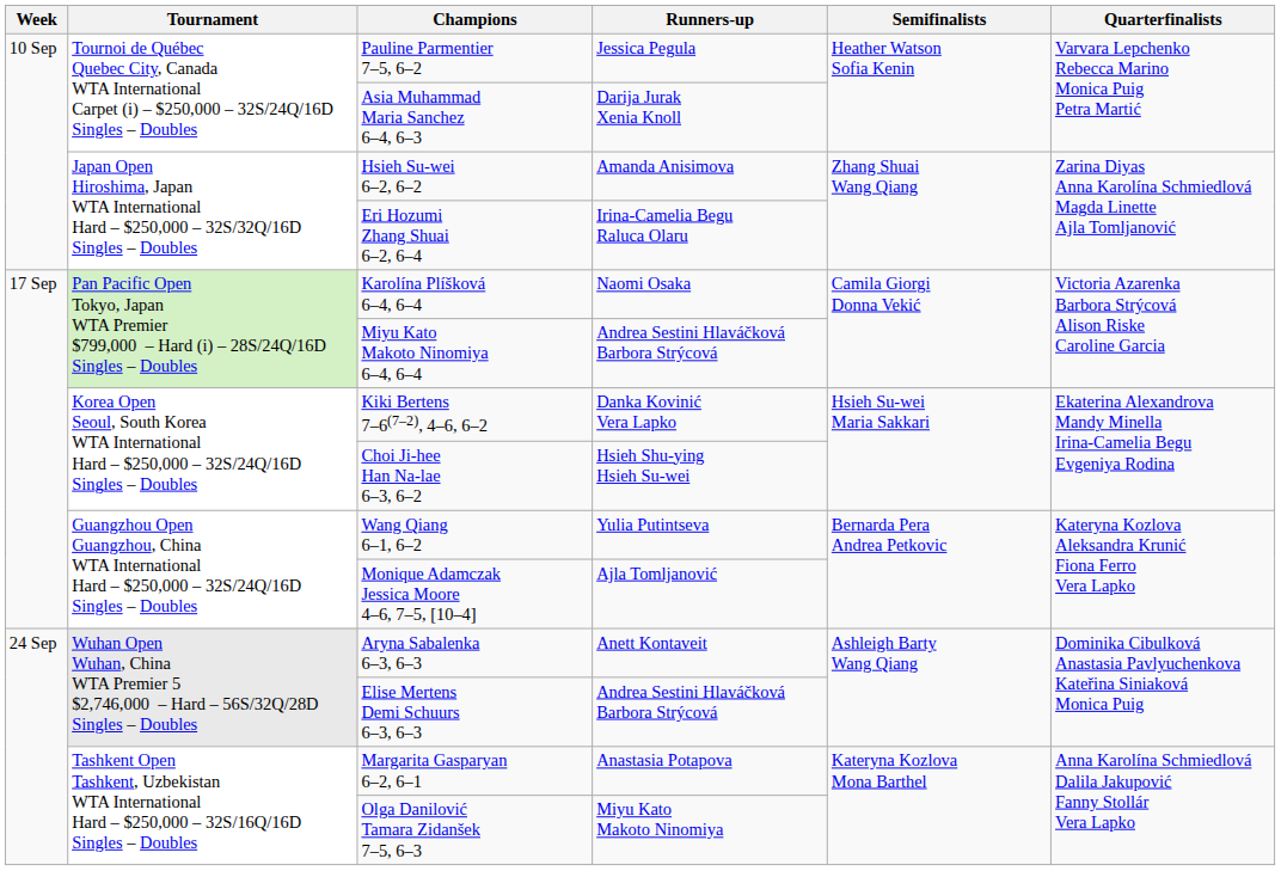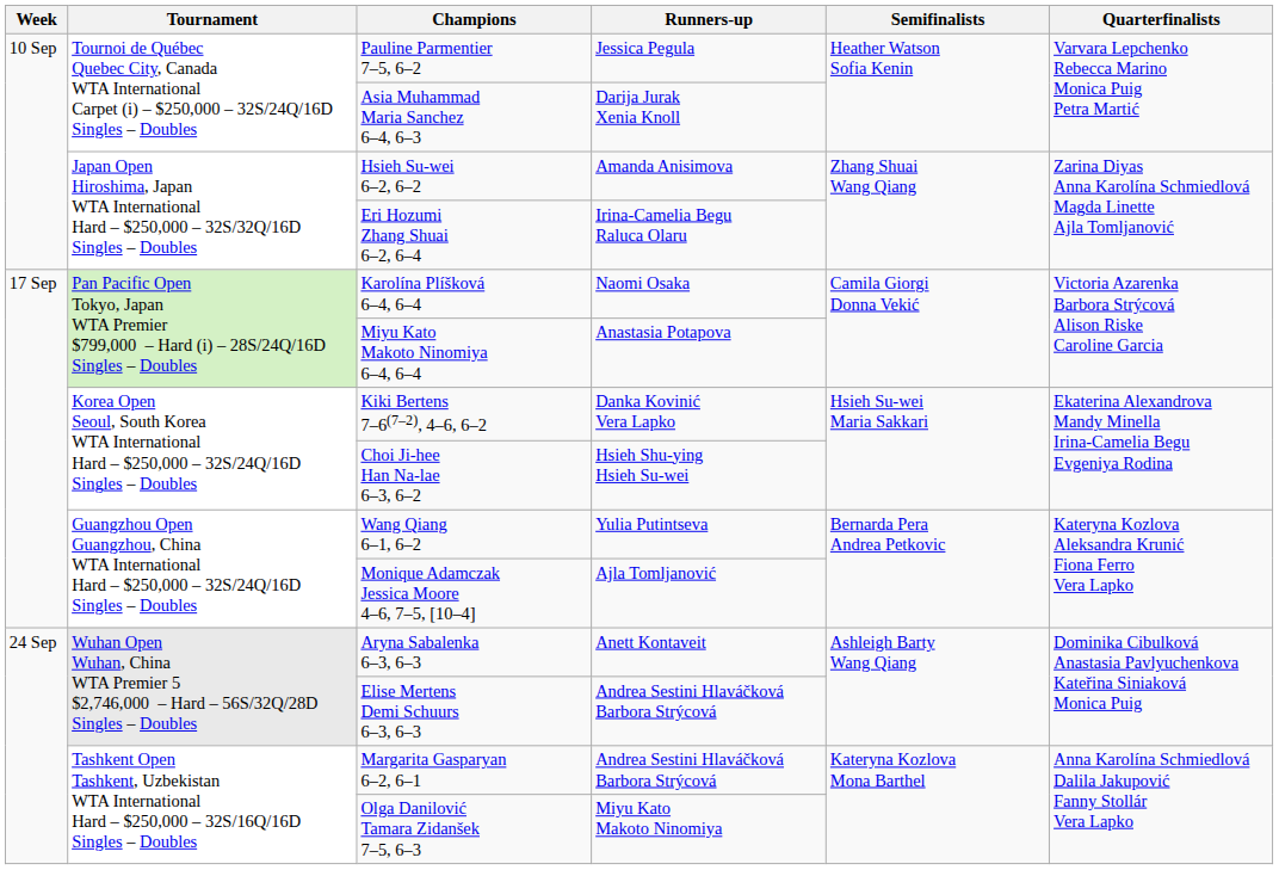 <table class=wikitable style=font-size:95%>
 <tr>
 <th style="width:48px;">Week</th>
 <th style="width:248px;">Tournament</th>
 <th style="width:200px;">Champions</th>
 <th style="width:200px;">Runners-up</th>
 <th style="width:190px;">Semifinalists</th>
 <th style="width:190px;">Quarterfinalists</th>
 </tr>
 <tr valign=top>
 <td rowspan=4>10 Sep</td>
 <td style="background:#fff;" rowspan="2"><a href='#'>Tournoi de Québec</a><br> <a href='#'>Quebec City</a>, Canada<br>WTA International<br>Carpet (i) – $250,000 – 32S/24Q/16D<br><a href='#'>Singles</a> – <a href='#'>Doubles</a></td>
 <td> <a href='#'>Pauline Parmentier</a> <br> 7–5, 6–2</td>
 <td> <a href='#'>Jessica Pegula</a></td>
 <td rowspan=2> <a href='#'>Heather Watson</a> <br>  <a href='#'>Sofia Kenin</a></td>
 <td rowspan=2> <a href='#'>Varvara Lepchenko</a><br> <a href='#'>Rebecca Marino</a>  <br>  <a href='#'>Monica Puig</a> <br>  <a href='#'>Petra Martić</a></td>
 </tr>
 <tr valign=top>
 <td> <a href='#'>Asia Muhammad</a> <br>  <a href='#'>Maria Sanchez</a> <br> 6–4, 6–3</td>
 <td> <a href='#'>Darija Jurak</a> <br>  <a href='#'>Xenia Knoll</a></td>
 </tr>
 <tr valign=top>
 <td style="background:#fff;" rowspan="2"><a href='#'>Japan Open</a><br> <a href='#'>Hiroshima</a>, Japan<br>WTA International<br>Hard – $250,000 – 32S/32Q/16D<br><a href='#'>Singles</a> – <a href='#'>Doubles</a></td>
 <td> <a href='#'>Hsieh Su-wei</a> <br> 6–2, 6–2</td>
 <td> <a href='#'>Amanda Anisimova</a></td>
 <td rowspan=2> <a href='#'>Zhang Shuai</a><br>  <a href='#'>Wang Qiang</a></td>
 <td rowspan=2> <a href='#'>Zarina Diyas</a> <br> <a href='#'>Anna Karolína Schmiedlová</a> <br> <a href='#'>Magda Linette</a> <br>  <a href='#'>Ajla Tomljanović</a></td>
 </tr>
 <tr valign=top>
 <td> <a href='#'>Eri Hozumi</a> <br>  <a href='#'>Zhang Shuai</a> <br> 6–2, 6–4</td>
 <td> <a href='#'>Irina-Camelia Begu</a> <br>  <a href='#'>Raluca Olaru</a></td>
 </tr>
 <tr valign=top>
 <td rowspan=6>17 Sep</td>
 <td style="background:#D4F1C5;" rowspan="2"><a href='#'>Pan Pacific Open</a><br> Tokyo, Japan<br>WTA Premier<br>$799,000  – Hard (i) – 28S/24Q/16D<br><a href='#'>Singles</a> – <a href='#'>Doubles</a></td>
 <td> <a href='#'>Karolína Plíšková</a> <br> 6–4, 6–4</td>
 <td> <a href='#'>Naomi Osaka</a></td>
 <td rowspan=2> <a href='#'>Camila Giorgi</a> <br>  <a href='#'>Donna Vekić</a></td>
 <td rowspan=2> <a href='#'>Victoria Azarenka</a> <br> <a href='#'>Barbora Strýcová</a> <br>  <a href='#'>Alison Riske</a> <br>  <a href='#'>Caroline Garcia</a></td>
 </tr>
 <tr valign=top>
 <td> <a href='#'>Miyu Kato</a> <br>  <a href='#'>Makoto Ninomiya</a> <br> 6–4, 6–4</td>
-<td> <a href='#'>Andrea Sestini Hlaváčková</a> <br>  <a href='#'>Barbora Strýcová</a></td>
+<td> <a href='#'>Anastasia Potapova</a></td>
 </tr>
 <tr valign=top>
 <td style="background:#fff;" rowspan="2"><a href='#'>Korea Open</a><br> <a href='#'>Seoul</a>, South Korea<br>WTA International<br>Hard – $250,000 – 32S/24Q/16D<br><a href='#'>Singles</a> – <a href='#'>Doubles</a></td>
 <td> <a href='#'>Kiki Bertens</a> <br> 7–6<sup>(7–2)</sup>, 4–6, 6–2</td>
 <td> <a href='#'>Danka Kovinić</a> <br>  <a href='#'>Vera Lapko</a></td>
 <td rowspan=2> <a href='#'>Hsieh Su-wei</a> <br>  <a href='#'>Maria Sakkari</a></td>
 <td rowspan=2> <a href='#'>Ekaterina Alexandrova</a> <br> <a href='#'>Mandy Minella</a> <br> <a href='#'>Irina-Camelia Begu</a>  <br>  <a href='#'>Evgeniya Rodina</a></td>
 </tr>
 <tr valign=top>
 <td> <a href='#'>Choi Ji-hee</a> <br>  <a href='#'>Han Na-lae</a> <br> 6–3, 6–2</td>
 <td> <a href='#'>Hsieh Shu-ying</a> <br>  <a href='#'>Hsieh Su-wei</a></td>
 </tr>
 <tr valign=top>
 <td style="background:#fff;" rowspan="2"><a href='#'>Guangzhou Open</a><br>  <a href='#'>Guangzhou</a>, China<br>WTA International<br>Hard – $250,000 – 32S/24Q/16D<br><a href='#'>Singles</a> – <a href='#'>Doubles</a></td>
 <td> <a href='#'>Wang Qiang</a> <br> 6–1, 6–2</td>
 <td> <a href='#'>Yulia Putintseva</a></td>
 <td rowspan=2> <a href='#'>Bernarda Pera</a> <br>  <a href='#'>Andrea Petkovic</a></td>
 <td rowspan=2> <a href='#'>Kateryna Kozlova</a> <br>  <a href='#'>Aleksandra Krunić</a> <br> <a href='#'>Fiona Ferro</a> <br>  <a href='#'>Vera Lapko</a></td>
 </tr>
 <tr valign=top>
 <td> <a href='#'>Monique Adamczak</a> <br>  <a href='#'>Jessica Moore</a><br> 4–6, 7–5, [10–4]</td>
 <td> <a href='#'>Ajla Tomljanović</a></td>
 </tr>
 <tr valign=top>
 <td rowspan=4>24 Sep</td>
 <td style="background:#E9E9E9;" rowspan="2"><a href='#'>Wuhan Open</a><br>  <a href='#'>Wuhan</a>, China<br>WTA Premier 5<br>$2,746,000  – Hard – 56S/32Q/28D<br><a href='#'>Singles</a> – <a href='#'>Doubles</a></td>
 <td> <a href='#'>Aryna Sabalenka</a> <br> 6–3, 6–3</td>
 <td> <a href='#'>Anett Kontaveit</a></td>
 <td rowspan=2> <a href='#'>Ashleigh Barty</a> <br>  <a href='#'>Wang Qiang</a></td>
 <td rowspan=2> <a href='#'>Dominika Cibulková</a> <br> <a href='#'>Anastasia Pavlyuchenkova</a> <br> <a href='#'>Kateřina Siniaková</a> <br>  <a href='#'>Monica Puig</a></td>
 </tr>
 <tr valign=top>
 <td> <a href='#'>Elise Mertens</a> <br>  <a href='#'>Demi Schuurs</a> <br> 6–3, 6–3</td>
 <td> <a href='#'>Andrea Sestini Hlaváčková</a> <br>  <a href='#'>Barbora Strýcová</a></td>
 </tr>
 <tr valign=top>
 <td style="background:#fff;" rowspan="2"><a href='#'>Tashkent Open</a><br> <a href='#'>Tashkent</a>, Uzbekistan<br>WTA International<br>Hard – $250,000 – 32S/16Q/16D<br><a href='#'>Singles</a> – <a href='#'>Doubles</a></td>
 <td> <a href='#'>Margarita Gasparyan</a> <br> 6–2, 6–1</td>
-<td> <a href='#'>Anastasia Potapova</a></td>
+<td> <a href='#'>Andrea Sestini Hlaváčková</a> <br>  <a href='#'>Barbora Strýcová</a></td>
 <td rowspan=2> <a href='#'>Kateryna Kozlova</a> <br>  <a href='#'>Mona Barthel</a></td>
 <td rowspan=2> <a href='#'>Anna Karolína Schmiedlová</a><br> <a href='#'>Dalila Jakupović</a> <br> <a href='#'>Fanny Stollár</a><br> <a href='#'>Vera Lapko</a></td>
 </tr>
 <tr valign=top>
 <td> <a href='#'>Olga Danilović</a> <br>  <a href='#'>Tamara Zidanšek</a> <br> 7–5, 6–3</td>
 <td> <a href='#'>Miyu Kato</a> <br>  <a href='#'>Makoto Ninomiya</a></td>
 </tr>
 </table>
